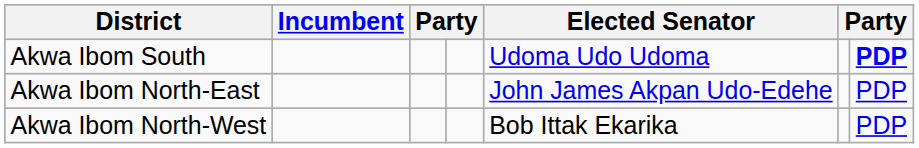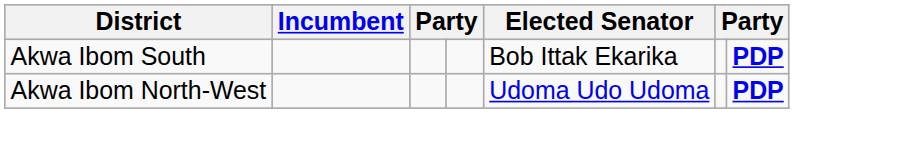 <table class="sortable wikitable" style="font-size:95%;line-height:14px;">
 <tr>
 <th class="unsortable">District</th>
 <th class="unsortable"><a href='#'>Incumbent</a></th>
 <th colspan="2">Party</th>
 <th class="unsortable">Elected Senator</th>
 <th colspan="2">Party</th>
 </tr>
 <tr>
 <td>Akwa Ibom South</td>
 <td></td>
 <td></td>
 <td></td>
-<td><a href='#'>Udoma Udo Udoma</a></td>
+<td>Bob Ittak Ekarika</td>
 <td style="background:"></td>
 <td><strong><a href='#'>PDP</a></strong></td>
-</tr>
-<tr>
-<td>Akwa Ibom North-East</td>
-<td></td>
-<td></td>
-<td></td>
-<td><a href='#'>John James Akpan Udo-Edehe</a></td>
-<td style="background:"></td>
-<td><a href='#'>PDP</a></td>
 </tr>
 <tr>
 <td>Akwa Ibom North-West</td>
 <td></td>
 <td></td>
 <td></td>
-<td>Bob Ittak Ekarika</td>
+<td><a href='#'>Udoma Udo Udoma</a></td>
 <td style="background:"></td>
-<td><a href='#'>PDP</a></td>
+<td><strong><a href='#'>PDP</a></strong></td>
 </tr>
 </table>
